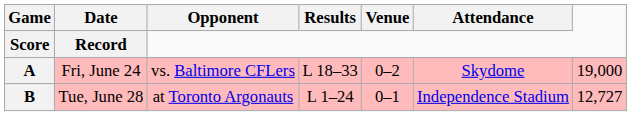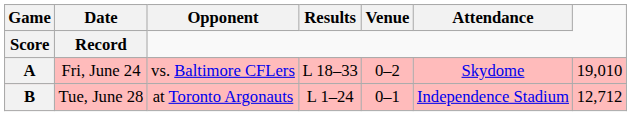 <table class="wikitable" style="text-align:center">
 <tr>
 <th>Game</th>
 <th>Date</th>
 <th>Opponent</th>
 <th>Results</th>
 <th>Venue</th>
 <th>Attendance</th>
 </tr>
 <tr>
 <th>Score</th>
 <th>Record</th>
 </tr>
 <tr style="background:#ffbbbb">
 <th>A</th>
 <td>Fri, June 24</td>
 <td>vs. <a href='#'>Baltimore CFLers</a></td>
 <td>L 18–33</td>
 <td>0–2</td>
 <td><a href='#'>Skydome</a></td>
-<td>19,000</td>
+<td>19,010</td>
 </tr>
 <tr style="background:#ffbbbb">
 <th>B</th>
 <td>Tue, June 28</td>
 <td>at <a href='#'>Toronto Argonauts</a></td>
 <td>L 1–24</td>
 <td>0–1</td>
 <td><a href='#'>Independence Stadium</a></td>
-<td>12,727</td>
+<td>12,712</td>
 </tr>
 </table>
